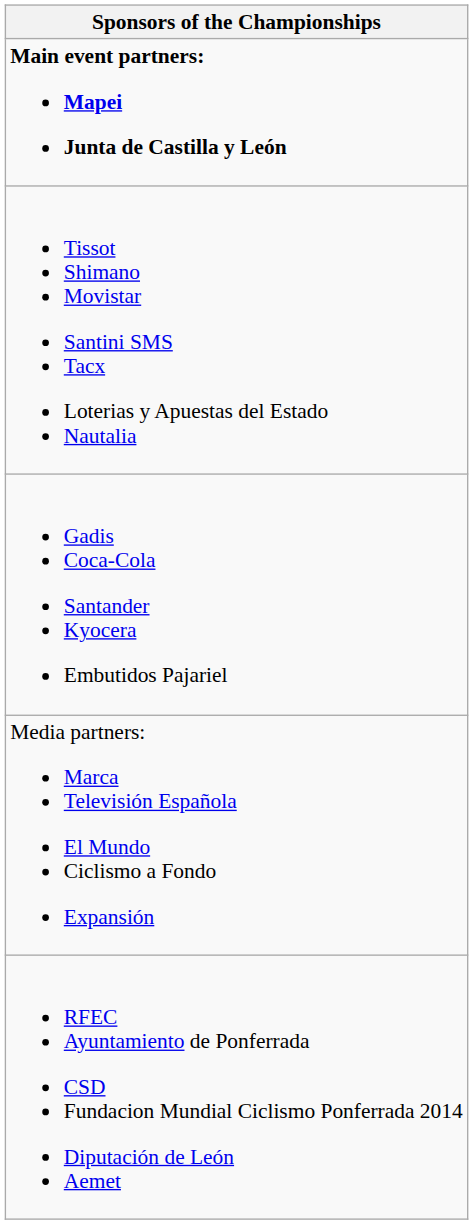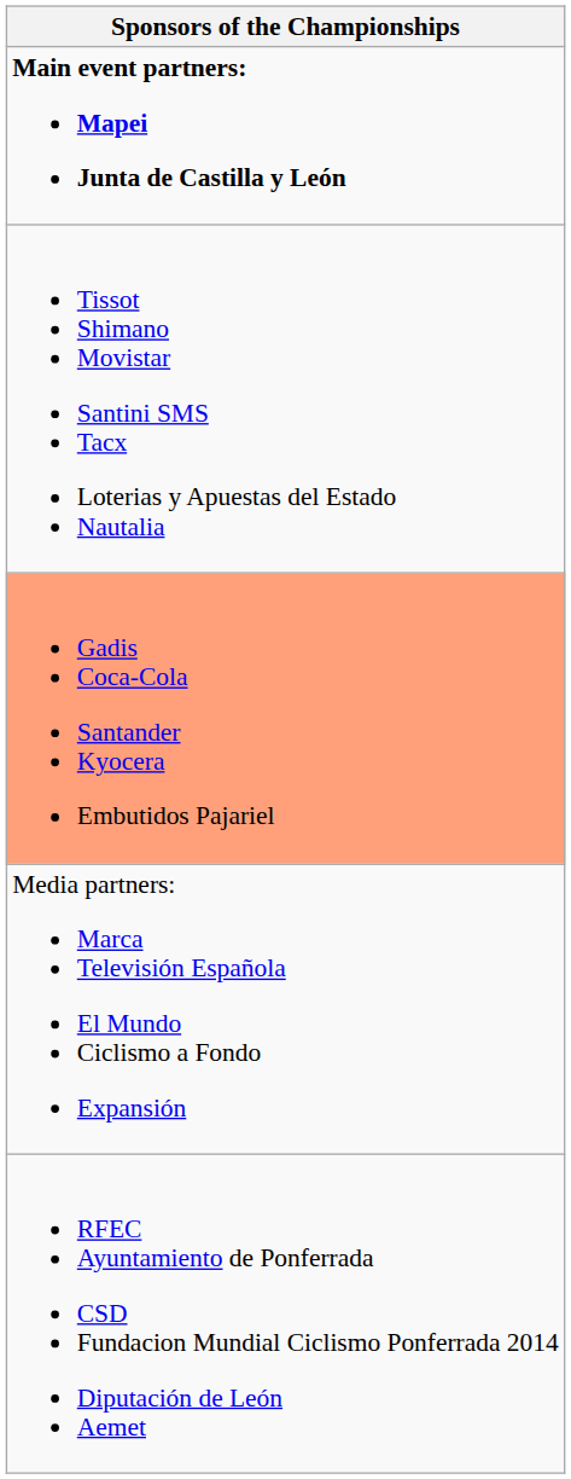 <table class="wikitable collapsible collapsed" style="float:right; margin:10px">
 <tr>
 <th>Sponsors of the Championships</th>
 </tr>
 <tr>
 <td><strong>Main event partners:<br> <ul><li><a href='#'>Mapei</a></li></ul><ul><li>Junta de Castilla y León</li></ul> </strong></td>
 </tr>
 <tr>
 <td><br> <ul><li><a href='#'>Tissot</a></li><li><a href='#'>Shimano</a></li><li><a href='#'>Movistar</a></li></ul><ul><li><a href='#'>Santini SMS</a></li><li><a href='#'>Tacx</a></li></ul><ul><li>Loterias y Apuestas del Estado</li><li><a href='#'>Nautalia</a></li></ul></td>
 </tr>
 <tr>
-<td><br> <ul><li><a href='#'>Gadis</a></li><li><a href='#'>Coca-Cola</a></li></ul><ul><li><a href='#'>Santander</a></li><li><a href='#'>Kyocera</a></li></ul><ul><li>Embutidos Pajariel</li></ul></td>
+<td style="background: lightsalmon;"><br> <ul><li><a href='#'>Gadis</a></li><li><a href='#'>Coca-Cola</a></li></ul><ul><li><a href='#'>Santander</a></li><li><a href='#'>Kyocera</a></li></ul><ul><li>Embutidos Pajariel</li></ul></td>
 </tr>
 <tr>
 <td>Media partners:<br> <ul><li><a href='#'>Marca</a></li><li><a href='#'>Televisión Española</a></li></ul><ul><li><a href='#'>El Mundo</a></li><li>Ciclismo a Fondo</li></ul><ul><li><a href='#'>Expansión</a></li></ul></td>
 </tr>
 <tr>
 <td><br> <ul><li><a href='#'>RFEC</a></li><li><a href='#'>Ayuntamiento</a> de Ponferrada</li></ul><ul><li><a href='#'>CSD</a></li><li>Fundacion Mundial Ciclismo Ponferrada 2014</li></ul><ul><li><a href='#'>Diputación de León</a></li><li><a href='#'>Aemet</a></li></ul></td>
 </tr>
 </table>
